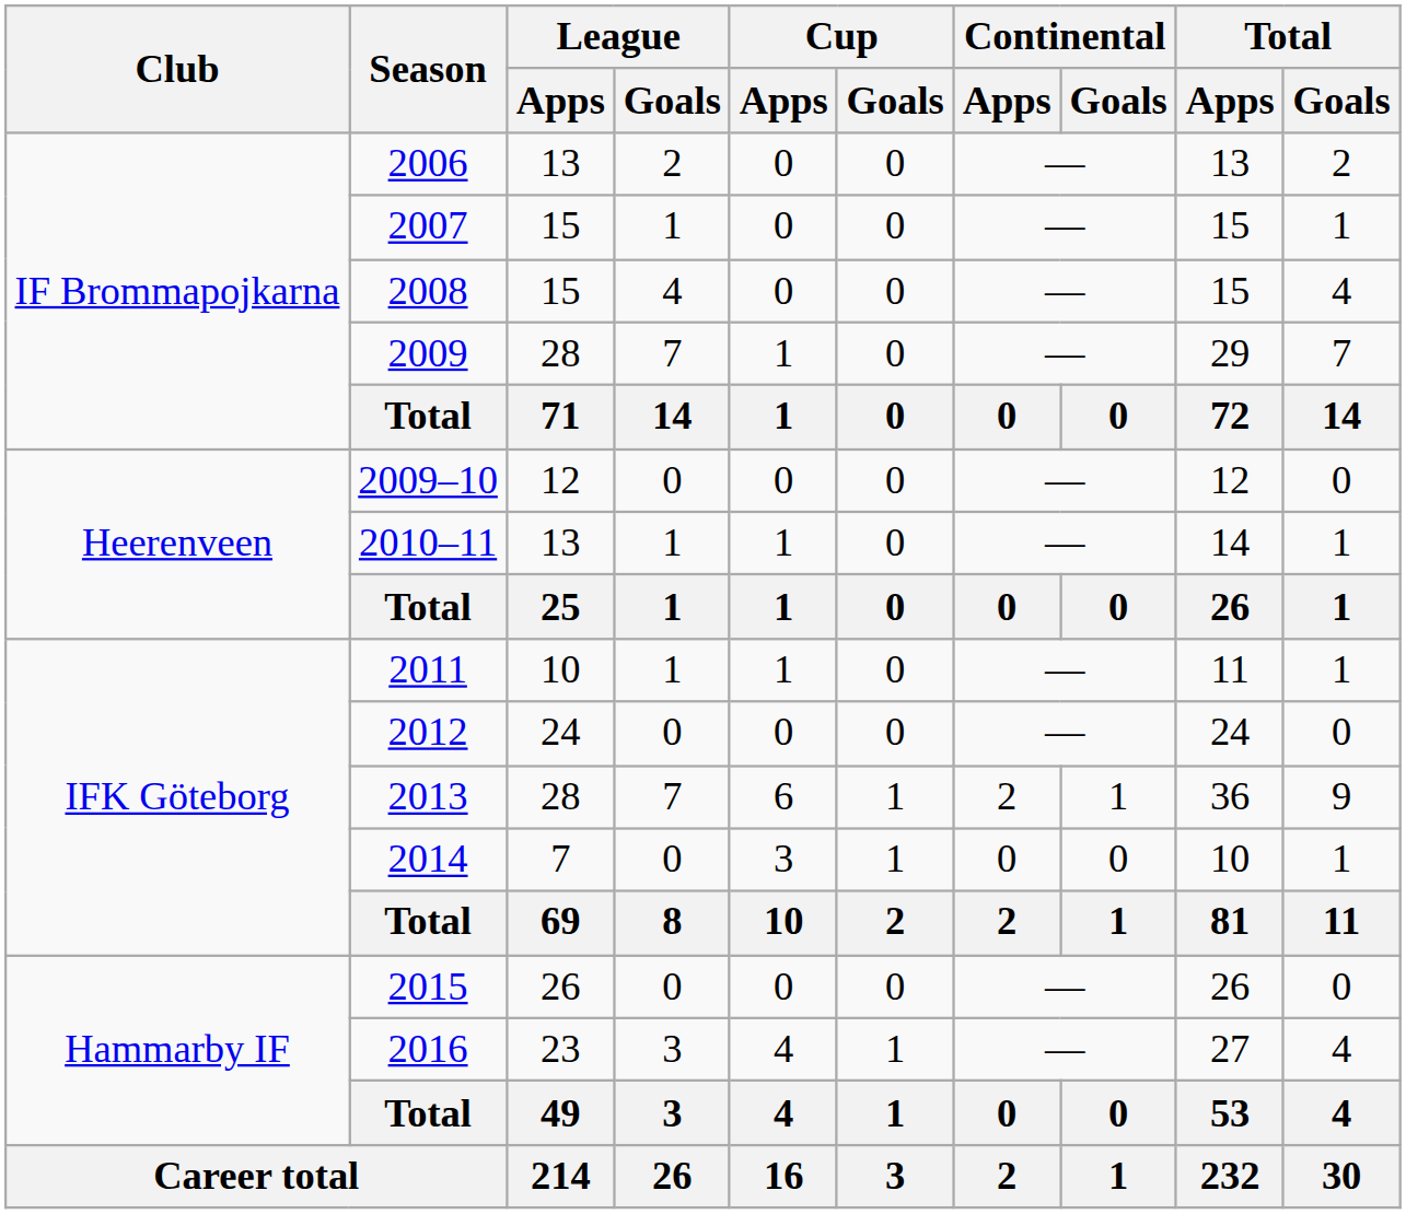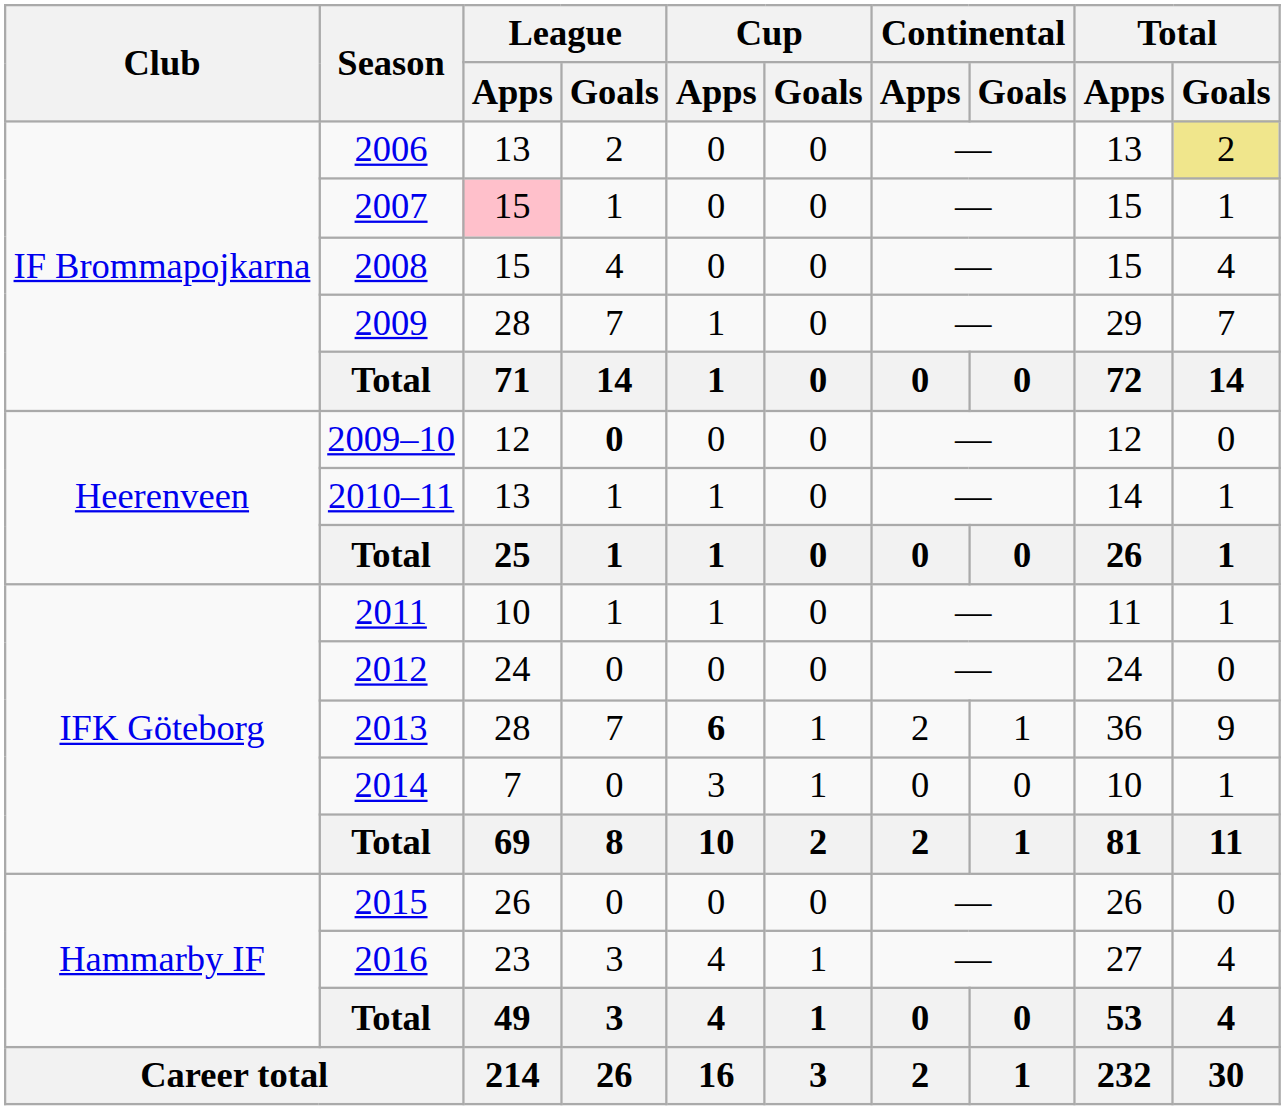 <table class="wikitable" style="text-align:center;">
 <tr>
 <th rowspan="2">Club</th>
 <th rowspan="2">Season</th>
 <th colspan="2">League</th>
 <th colspan="2">Cup</th>
 <th colspan="2">Continental</th>
 <th colspan="2">Total</th>
 </tr>
 <tr>
 <th>Apps</th>
 <th>Goals</th>
 <th>Apps</th>
 <th>Goals</th>
 <th>Apps</th>
 <th>Goals</th>
 <th>Apps</th>
 <th>Goals</th>
 </tr>
 <tr>
 <td rowspan="5"><a href='#'>IF Brommapojkarna</a></td>
 <td><a href='#'>2006</a></td>
 <td>13</td>
 <td>2</td>
 <td>0</td>
 <td>0</td>
 <td colspan="2">—</td>
 <td>13</td>
-<td>2</td>
+<td style="background: khaki;">2</td>
 </tr>
 <tr>
 <td><a href='#'>2007</a></td>
-<td>15</td>
+<td style="background: pink;">15</td>
 <td>1</td>
 <td>0</td>
 <td>0</td>
 <td colspan="2">—</td>
 <td>15</td>
 <td>1</td>
 </tr>
 <tr>
 <td><a href='#'>2008</a></td>
 <td>15</td>
 <td>4</td>
 <td>0</td>
 <td>0</td>
 <td colspan="2">—</td>
 <td>15</td>
 <td>4</td>
 </tr>
 <tr>
 <td><a href='#'>2009</a></td>
 <td>28</td>
 <td>7</td>
 <td>1</td>
 <td>0</td>
 <td colspan="2">—</td>
 <td>29</td>
 <td>7</td>
 </tr>
 <tr>
 <th>Total</th>
 <th>71</th>
 <th>14</th>
 <th>1</th>
 <th>0</th>
 <th>0</th>
 <th>0</th>
 <th>72</th>
 <th>14</th>
 </tr>
 <tr>
 <td rowspan="3"><a href='#'>Heerenveen</a></td>
 <td><a href='#'>2009–10</a></td>
 <td>12</td>
-<td>0</td>
+<td><strong>0</strong></td>
 <td>0</td>
 <td>0</td>
 <td colspan="2">—</td>
 <td>12</td>
 <td>0</td>
 </tr>
 <tr>
 <td><a href='#'>2010–11</a></td>
 <td>13</td>
 <td>1</td>
 <td>1</td>
 <td>0</td>
 <td colspan="2">—</td>
 <td>14</td>
 <td>1</td>
 </tr>
 <tr>
 <th>Total</th>
 <th>25</th>
 <th>1</th>
 <th>1</th>
 <th>0</th>
 <th>0</th>
 <th>0</th>
 <th>26</th>
 <th>1</th>
 </tr>
 <tr>
 <td rowspan="5"><a href='#'>IFK Göteborg</a></td>
 <td><a href='#'>2011</a></td>
 <td>10</td>
 <td>1</td>
 <td>1</td>
 <td>0</td>
 <td colspan="2">—</td>
 <td>11</td>
 <td>1</td>
 </tr>
 <tr>
 <td><a href='#'>2012</a></td>
 <td>24</td>
 <td>0</td>
 <td>0</td>
 <td>0</td>
 <td colspan="2">—</td>
 <td>24</td>
 <td>0</td>
 </tr>
 <tr>
 <td><a href='#'>2013</a></td>
 <td>28</td>
 <td>7</td>
-<td>6</td>
+<td><strong>6</strong></td>
 <td>1</td>
 <td>2</td>
 <td>1</td>
 <td>36</td>
 <td>9</td>
 </tr>
 <tr>
 <td><a href='#'>2014</a></td>
 <td>7</td>
 <td>0</td>
 <td>3</td>
 <td>1</td>
 <td>0</td>
 <td>0</td>
 <td>10</td>
 <td>1</td>
 </tr>
 <tr>
 <th>Total</th>
 <th>69</th>
 <th>8</th>
 <th>10</th>
 <th>2</th>
 <th>2</th>
 <th>1</th>
 <th>81</th>
 <th>11</th>
 </tr>
 <tr>
 <td rowspan="3"><a href='#'>Hammarby IF</a></td>
 <td><a href='#'>2015</a></td>
 <td>26</td>
 <td>0</td>
 <td>0</td>
 <td>0</td>
 <td colspan="2">—</td>
 <td>26</td>
 <td>0</td>
 </tr>
 <tr>
 <td><a href='#'>2016</a></td>
 <td>23</td>
 <td>3</td>
 <td>4</td>
 <td>1</td>
 <td colspan="2">—</td>
 <td>27</td>
 <td>4</td>
 </tr>
 <tr>
 <th>Total</th>
 <th>49</th>
 <th>3</th>
 <th>4</th>
 <th>1</th>
 <th>0</th>
 <th>0</th>
 <th>53</th>
 <th>4</th>
 </tr>
 <tr>
 <th colspan="2">Career total</th>
 <th>214</th>
 <th>26</th>
 <th>16</th>
 <th>3</th>
 <th>2</th>
 <th>1</th>
 <th>232</th>
 <th>30</th>
 </tr>
 </table>
